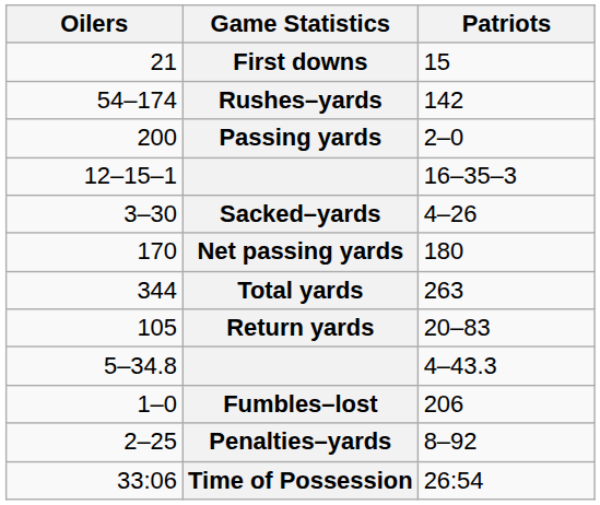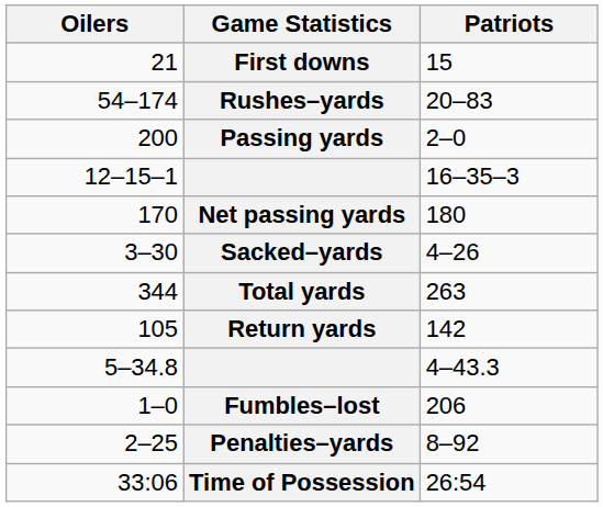 <table class="wikitable" style="margin: 1em auto 1em auto">
 <tr>
 <th style="width:30%;">Oilers</th>
 <th style="width:40%;">Game Statistics</th>
 <th style="width:30%;">Patriots</th>
 </tr>
 <tr>
 <td style="text-align:right;">21</td>
 <th>First downs</th>
 <td>15</td>
 </tr>
 <tr>
 <td style="text-align:right;">54–174</td>
 <th>Rushes–yards</th>
-<td>142</td>
+<td>20–83</td>
 </tr>
 <tr>
 <td style="text-align:right;">200</td>
 <th>Passing yards</th>
 <td>2–0</td>
 </tr>
 <tr>
 <td style="text-align:right;">12–15–1</td>
 <th></th>
 <td>16–35–3</td>
 </tr>
 <tr>
+<td style="text-align:right;">170</td>
+<th>Net passing yards</th>
+<td>180</td>
+</tr>
+<tr>
 <td style="text-align:right;">3–30</td>
 <th>Sacked–yards</th>
 <td>4–26</td>
-</tr>
-<tr>
-<td style="text-align:right;">170</td>
-<th>Net passing yards</th>
-<td>180</td>
 </tr>
 <tr>
 <td style="text-align:right;">344</td>
 <th>Total yards</th>
 <td>263</td>
 </tr>
 <tr>
 <td style="text-align:right;">105</td>
 <th>Return yards</th>
-<td>20–83</td>
+<td>142</td>
 </tr>
 <tr>
 <td style="text-align:right;">5–34.8</td>
 <th></th>
 <td>4–43.3</td>
 </tr>
 <tr>
 <td style="text-align:right;">1–0</td>
 <th>Fumbles–lost</th>
 <td>206</td>
 </tr>
 <tr>
 <td style="text-align:right;">2–25</td>
 <th>Penalties–yards</th>
 <td>8–92</td>
 </tr>
 <tr>
 <td style="text-align:right;">33:06</td>
 <th>Time of Possession</th>
 <td>26:54</td>
 </tr>
 </table>
